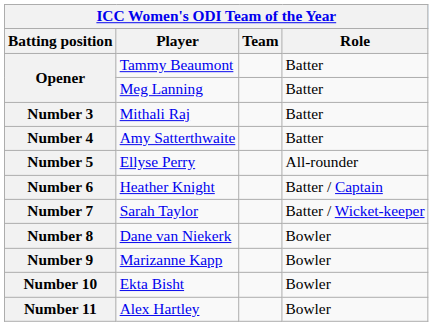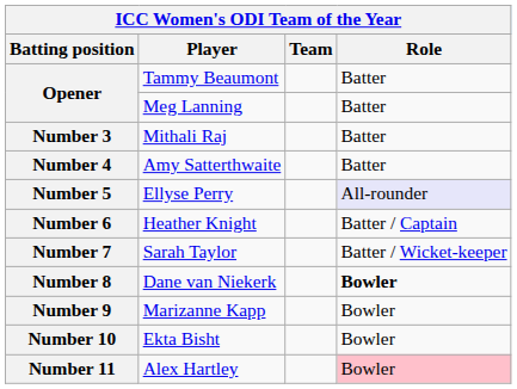 <table class="wikitable plainrowheaders">
 <tr style="background:#9cf;">
 <th colspan="5"><a href='#'>ICC Women's ODI Team of the Year</a></th>
 </tr>
 <tr>
 <th>Batting position</th>
 <th>Player</th>
 <th>Team</th>
 <th>Role</th>
 </tr>
 <tr>
 <th scope=row style=text-align:center; rowspan=2>Opener</th>
 <td><a href='#'>Tammy Beaumont</a></td>
 <td></td>
 <td>Batter</td>
 </tr>
 <tr>
 <td><a href='#'>Meg Lanning</a></td>
 <td></td>
 <td>Batter</td>
 </tr>
 <tr>
 <th scope=row style=text-align:center;>Number 3</th>
 <td><a href='#'>Mithali Raj</a></td>
 <td></td>
 <td>Batter</td>
 </tr>
 <tr>
 <th scope=row style=text-align:center;>Number 4</th>
 <td><a href='#'>Amy Satterthwaite</a></td>
 <td></td>
 <td>Batter</td>
 </tr>
 <tr>
 <th scope=row style=text-align:center;>Number 5</th>
 <td><a href='#'>Ellyse Perry</a></td>
 <td></td>
-<td>All-rounder</td>
+<td style="background: lavender;">All-rounder</td>
 </tr>
 <tr>
 <th scope=row style=text-align:center;>Number 6</th>
 <td><a href='#'>Heather Knight</a></td>
 <td></td>
 <td>Batter / <a href='#'>Captain</a></td>
 </tr>
 <tr>
 <th scope=row style=text-align:center;>Number 7</th>
 <td><a href='#'>Sarah Taylor</a></td>
 <td></td>
 <td>Batter / <a href='#'>Wicket-keeper</a></td>
 </tr>
 <tr>
 <th scope=row style=text-align:center;>Number 8</th>
 <td><a href='#'>Dane van Niekerk</a></td>
 <td></td>
-<td>Bowler</td>
+<td><strong>Bowler</strong></td>
 </tr>
 <tr>
 <th scope=row style=text-align:center;>Number 9</th>
 <td><a href='#'>Marizanne Kapp</a></td>
 <td></td>
 <td>Bowler</td>
 </tr>
 <tr>
 <th scope=row style=text-align:center;>Number 10</th>
 <td><a href='#'>Ekta Bisht</a></td>
 <td></td>
 <td>Bowler</td>
 </tr>
 <tr>
 <th scope=row style=text-align:center;>Number 11</th>
 <td><a href='#'>Alex Hartley</a></td>
 <td></td>
-<td>Bowler</td>
+<td style="background: pink;">Bowler</td>
 </tr>
 </table>
